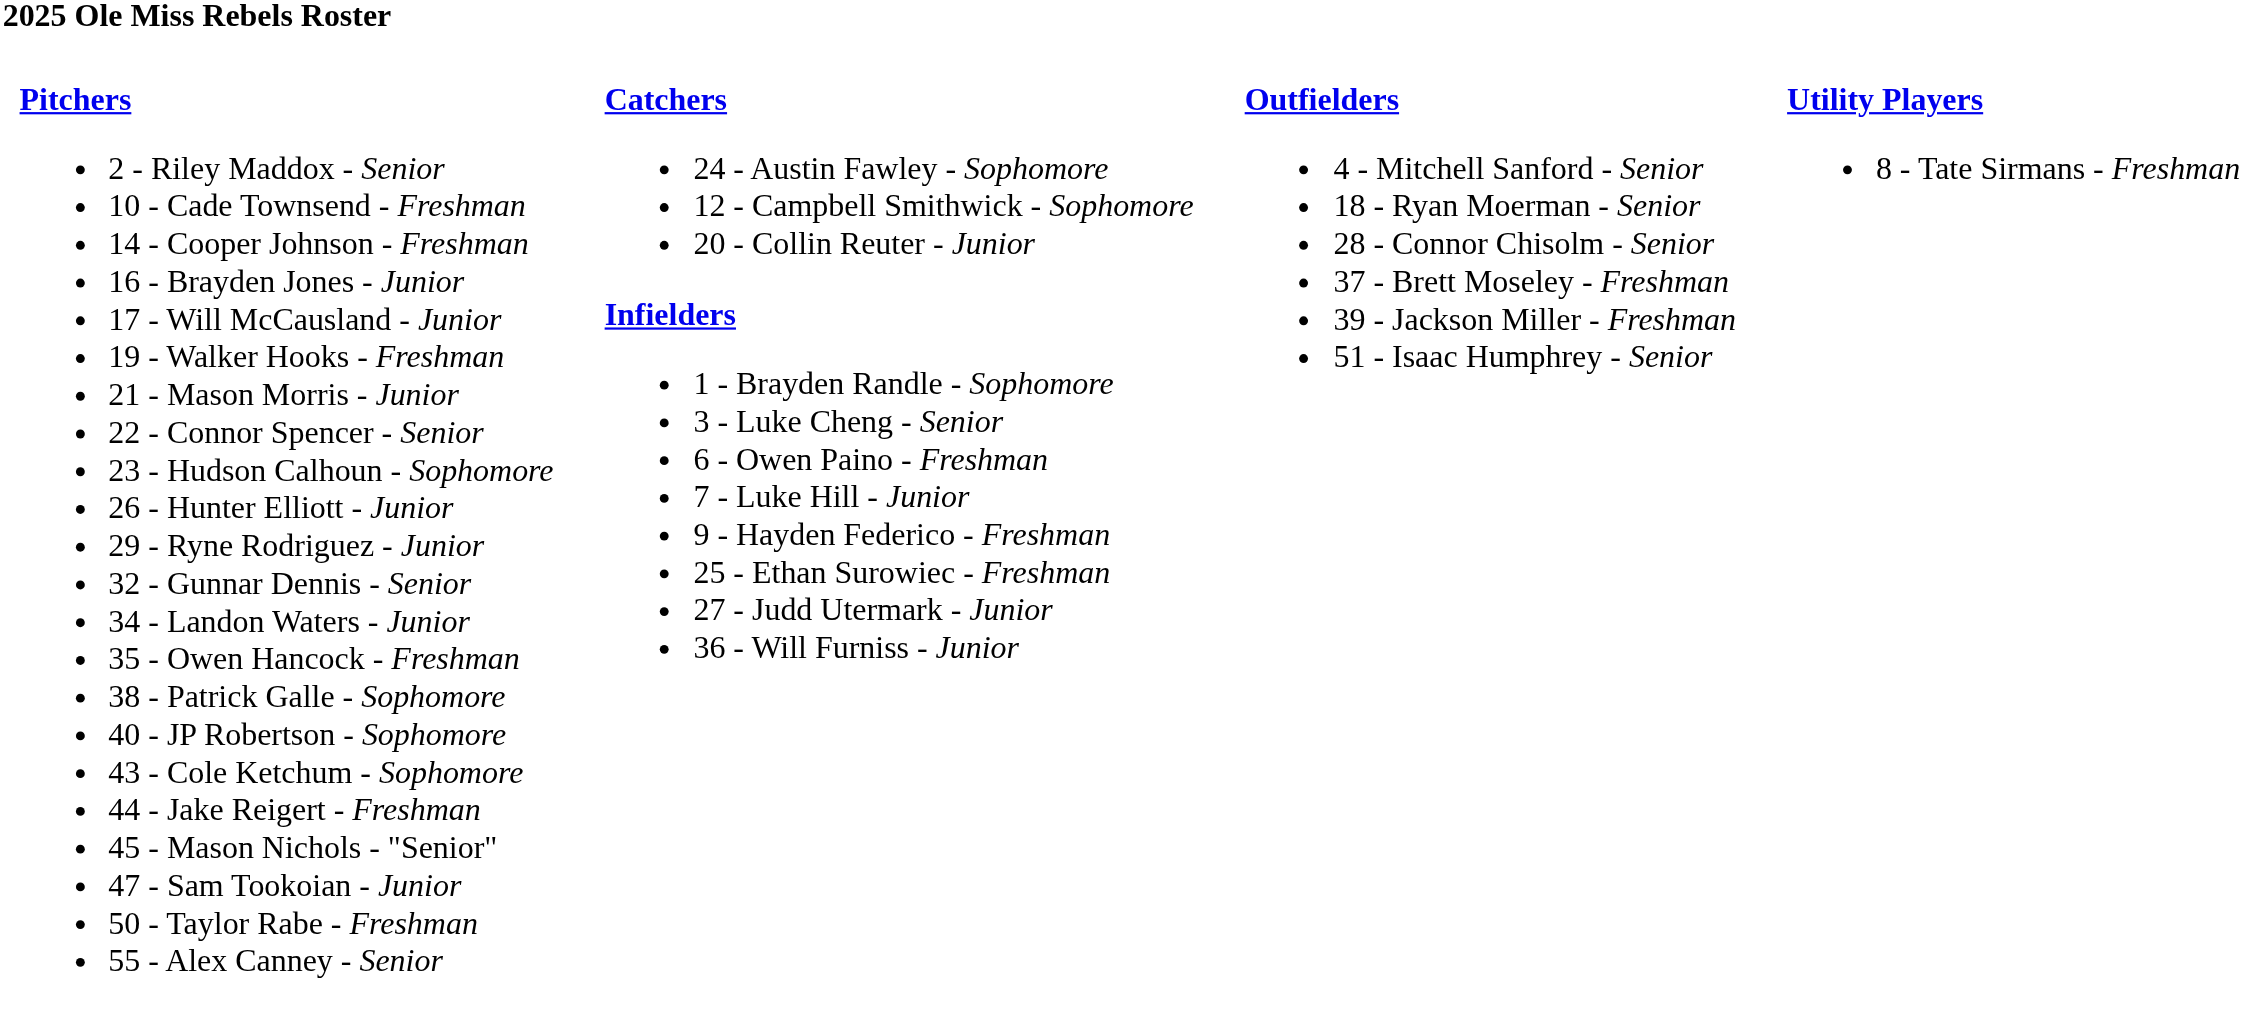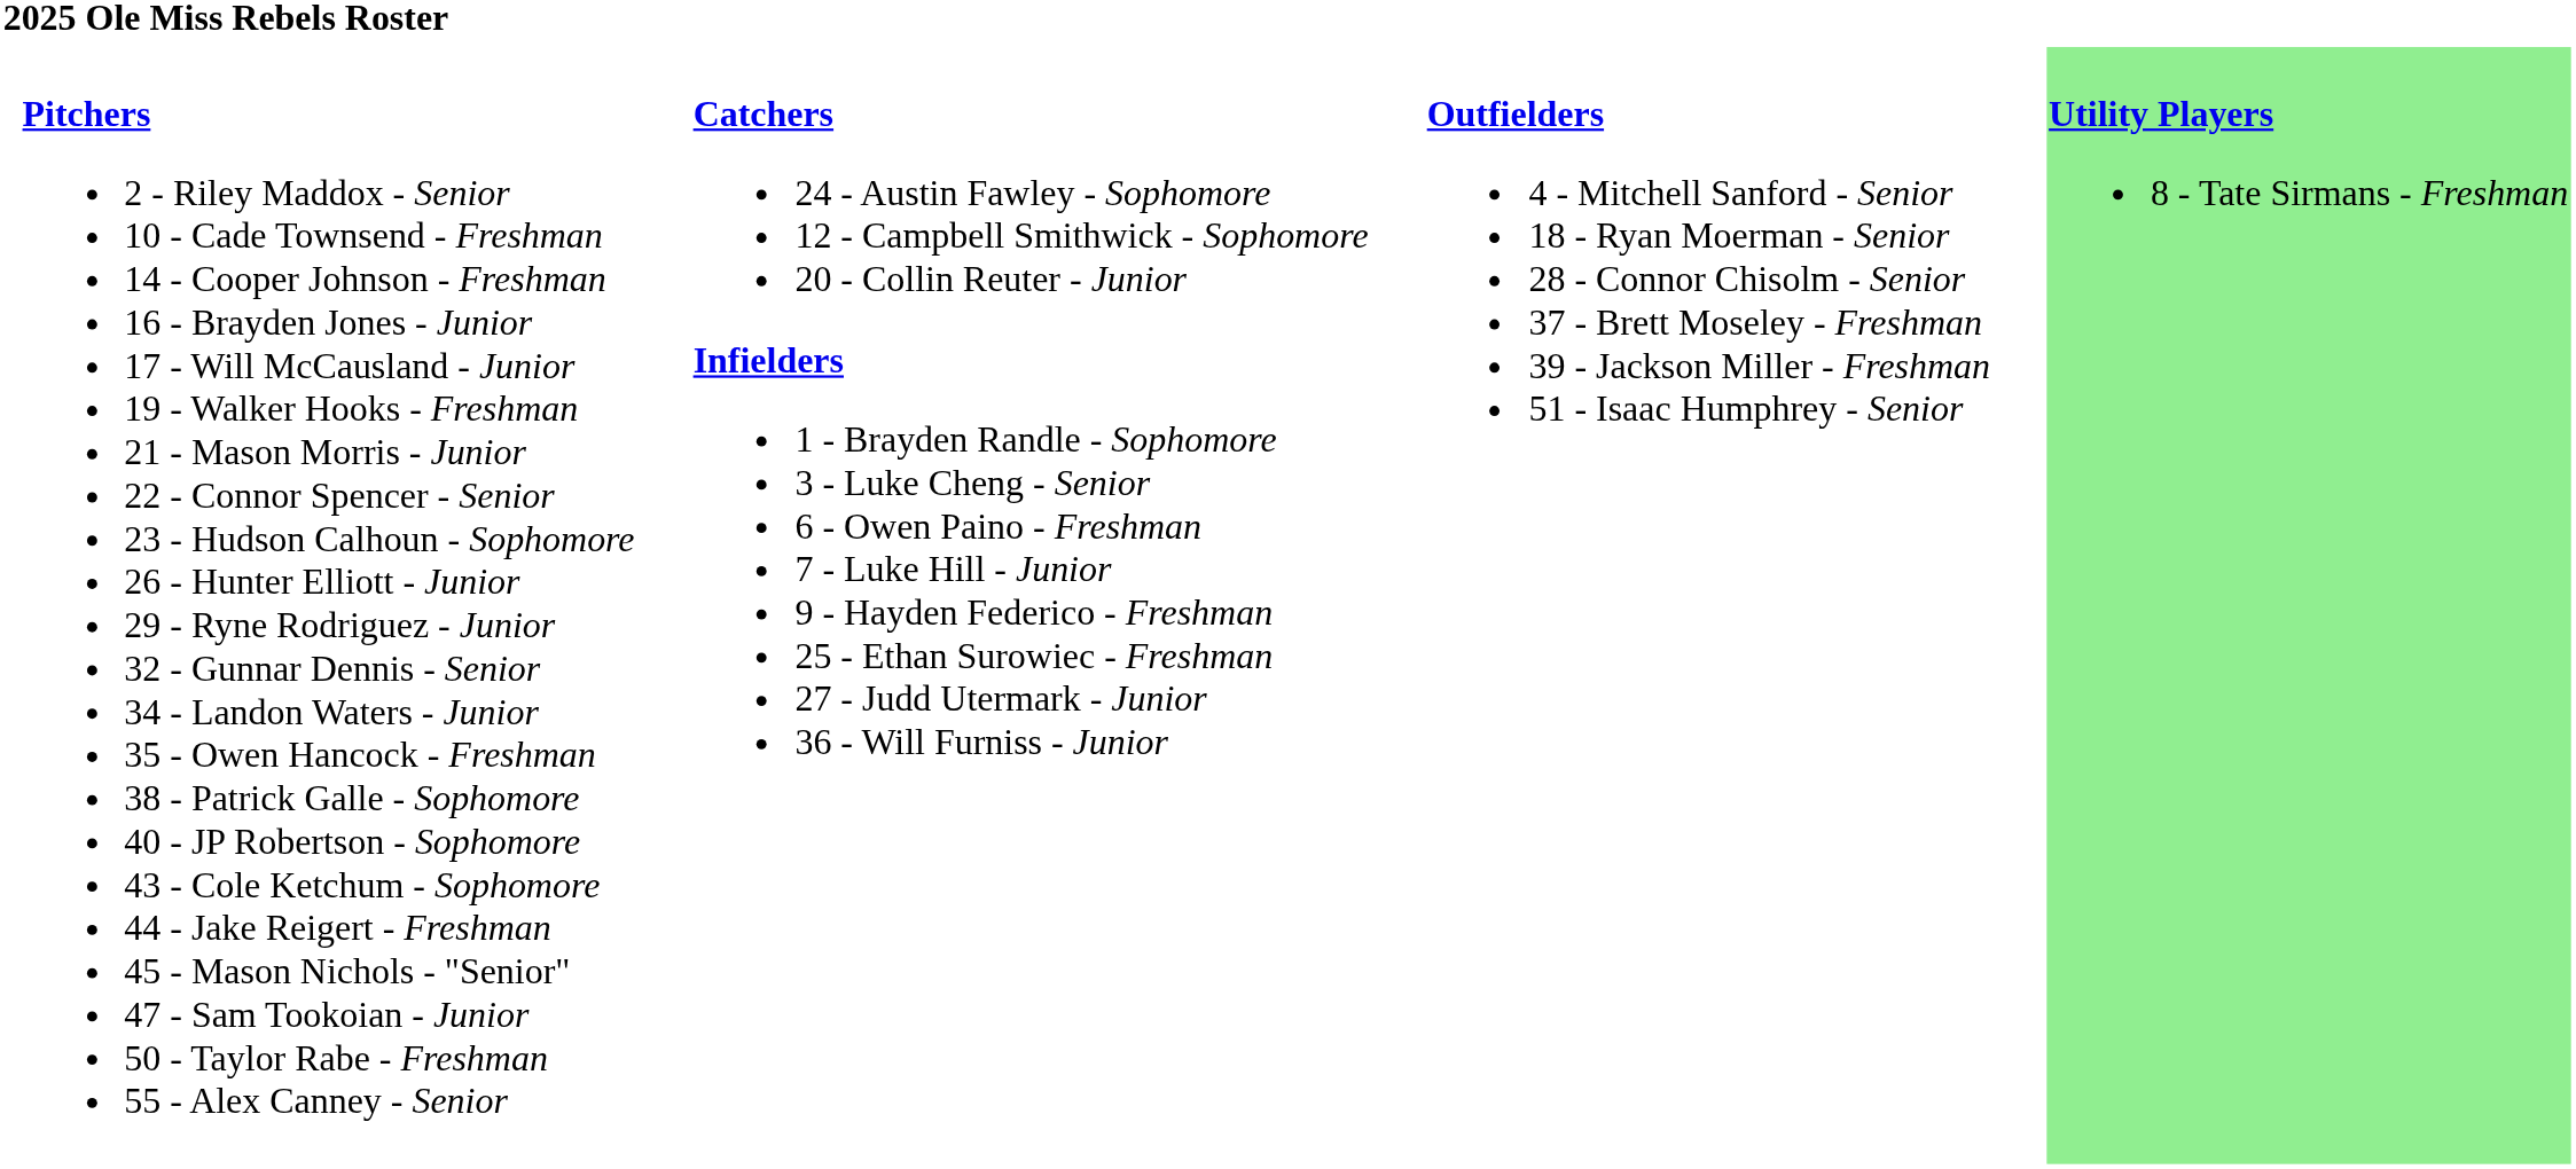 <table class="toccolours" style="text-align: left; font-size:90%;">
 <tr>
 <th colspan="9">2025 Ole Miss Rebels Roster</th>
 </tr>
 <tr>
 <td width="03"> </td>
 <td valign="top"><br><strong><a href='#'>Pitchers</a></strong><ul><li>2 - Riley Maddox - <em>Senior</em></li><li>10 - Cade Townsend - <em>Freshman</em></li><li>14 - Cooper Johnson - <em>Freshman</em></li><li>16 - Brayden Jones - <em>Junior</em></li><li>17 - Will McCausland - <em>Junior</em></li><li>19 - Walker Hooks - <em>Freshman</em></li><li>21 - Mason Morris - <em>Junior</em></li><li>22 - Connor Spencer - <em>Senior</em></li><li>23 - Hudson Calhoun - <em>Sophomore</em></li><li>26 - Hunter Elliott - <em> Junior</em></li><li>29 - Ryne Rodriguez - <em>Junior</em></li><li>32 - Gunnar Dennis - <em>Senior</em></li><li>34 - Landon Waters	- <em>Junior</em></li><li>35 - Owen Hancock - <em>Freshman</em></li><li>38 - Patrick Galle - <em>Sophomore</em></li><li>40 - JP Robertson - <em>Sophomore</em></li><li>43 - Cole Ketchum - <em> Sophomore</em></li><li>44 - Jake Reigert - <em>Freshman</em></li><li>45 - Mason Nichols - "Senior"</li><li>47 - Sam Tookoian - <em>Junior</em></li><li>50 - Taylor Rabe - <em> Freshman</em></li><li>55 - Alex Canney - <em>Senior</em></li></ul></td>
 <td width="15"> </td>
 <td valign="top"><br><strong><a href='#'>Catchers</a></strong><ul><li>24 - Austin Fawley - <em>Sophomore</em></li><li>12 - Campbell Smithwick - <em>Sophomore</em></li><li>20 - Collin Reuter - <em>Junior</em></li></ul><strong><a href='#'>Infielders</a></strong><ul><li>1 - Brayden Randle - <em>Sophomore</em></li><li>3 - Luke Cheng - <em>Senior</em></li><li>6 - Owen Paino - <em>Freshman</em></li><li>7 - Luke Hill - <em>Junior</em></li><li>9 - Hayden Federico - <em>Freshman</em></li><li>25 - Ethan Surowiec - <em>Freshman</em></li><li>27 - Judd Utermark - <em>Junior</em></li><li>36 - Will Furniss - <em>Junior</em></li></ul></td>
 <td width="15"> </td>
 <td valign="top"><br><strong><a href='#'>Outfielders</a></strong><ul><li>4	- Mitchell Sanford - <em>Senior</em></li><li>18	- Ryan Moerman - <em>Senior</em></li><li>28	- Connor Chisolm - <em>Senior</em></li><li>37	- Brett Moseley	- <em>Freshman</em></li><li>39	- Jackson Miller - <em>Freshman</em></li><li>51	 - Isaac Humphrey - <em>Senior</em></li></ul></td>
 <td width="15"> </td>
-<td valign="top"><br><strong><a href='#'>Utility Players</a></strong><ul><li>8 - Tate Sirmans - <em>Freshman</em></li></ul></td>
+<td valign="top" style="background: lightgreen;"><br><strong><a href='#'>Utility Players</a></strong><ul><li>8 - Tate Sirmans - <em>Freshman</em></li></ul></td>
 <td width="25"> </td>
 </tr>
 </table>
